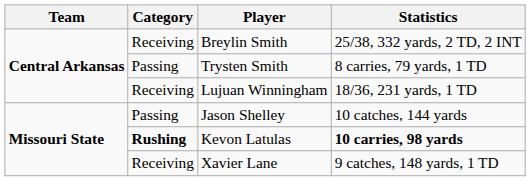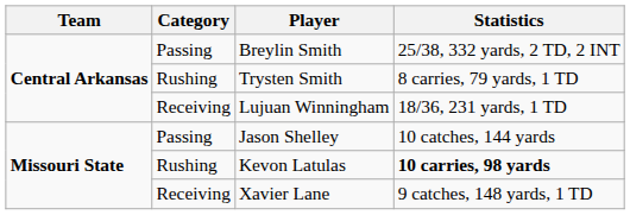 <table class="wikitable" style="float: right;">
 <tr>
 <th>Team</th>
 <th>Category</th>
 <th>Player</th>
 <th>Statistics</th>
 </tr>
 <tr>
 <td rowspan=3><strong>Central Arkansas</strong></td>
-<td>Receiving</td>
+<td>Passing</td>
 <td>Breylin Smith</td>
 <td>25/38, 332 yards, 2 TD, 2 INT</td>
 </tr>
 <tr>
-<td>Passing</td>
+<td>Rushing</td>
 <td>Trysten Smith</td>
 <td>8 carries, 79 yards, 1 TD</td>
 </tr>
 <tr>
 <td>Receiving</td>
 <td>Lujuan Winningham</td>
 <td>18/36, 231 yards, 1 TD</td>
 </tr>
 <tr>
 <td rowspan=3><strong>Missouri State</strong></td>
 <td>Passing</td>
 <td>Jason Shelley</td>
 <td>10 catches, 144 yards</td>
 </tr>
 <tr>
-<td><strong>Rushing</strong></td>
+<td>Rushing</td>
 <td>Kevon Latulas</td>
 <td><strong>10 carries, 98 yards</strong></td>
 </tr>
 <tr>
 <td>Receiving</td>
 <td>Xavier Lane</td>
 <td>9 catches, 148 yards, 1 TD</td>
 </tr>
 </table>
